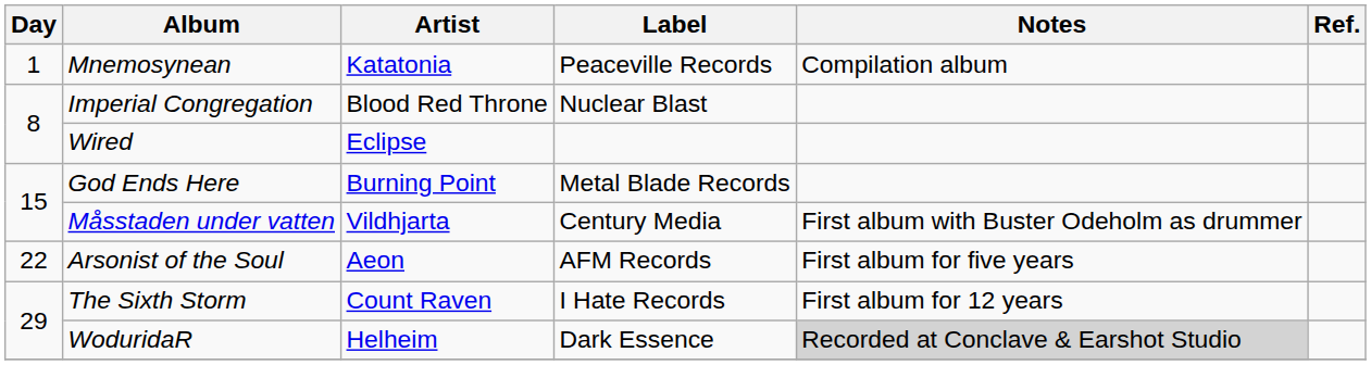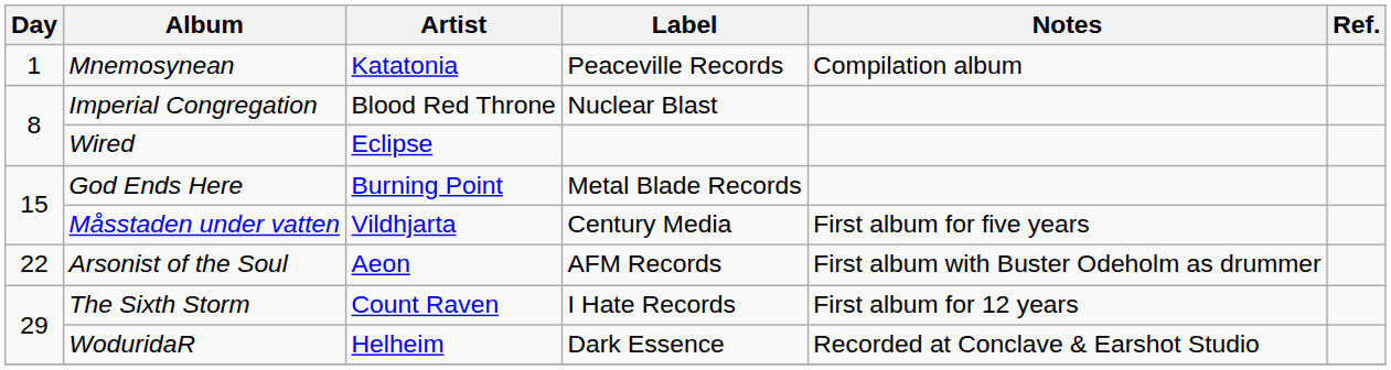 <table class="wikitable">
 <tr>
 <th>Day</th>
 <th>Album</th>
 <th>Artist</th>
 <th>Label</th>
 <th>Notes</th>
 <th>Ref.</th>
 </tr>
 <tr>
 <td rowspan="1" style="text-align:center;">1</td>
 <td><em>Mnemosynean</em></td>
 <td><a href='#'>Katatonia</a></td>
 <td>Peaceville Records</td>
 <td>Compilation album</td>
 <td></td>
 </tr>
 <tr>
 <td rowspan="2" style="text-align:center;">8</td>
 <td><em>Imperial Congregation</em></td>
 <td>Blood Red Throne</td>
 <td>Nuclear Blast</td>
 <td></td>
 <td></td>
 </tr>
 <tr>
 <td><em>Wired</em></td>
 <td><a href='#'>Eclipse</a></td>
 <td></td>
 <td></td>
 <td></td>
 </tr>
 <tr>
 <td rowspan="2" style="text-align:center;">15</td>
 <td><em>God Ends Here</em></td>
 <td><a href='#'>Burning Point</a></td>
 <td>Metal Blade Records</td>
 <td></td>
 <td></td>
 </tr>
 <tr>
 <td><em><a href='#'>Måsstaden under vatten</a></em></td>
 <td><a href='#'>Vildhjarta</a></td>
 <td>Century Media</td>
-<td>First album with Buster Odeholm as drummer</td>
+<td>First album for five years</td>
 <td></td>
 </tr>
 <tr>
 <td rowspan="1" style="text-align:center;">22</td>
 <td><em>Arsonist of the Soul</em></td>
 <td><a href='#'>Aeon</a></td>
 <td>AFM Records</td>
-<td>First album for five years</td>
+<td>First album with Buster Odeholm as drummer</td>
 <td></td>
 </tr>
 <tr>
 <td rowspan="2" style="text-align:center;">29</td>
 <td><em>The Sixth Storm</em></td>
 <td><a href='#'>Count Raven</a></td>
 <td>I Hate Records</td>
 <td>First album for 12 years</td>
 <td></td>
 </tr>
 <tr>
 <td><em>WoduridaR</em></td>
 <td><a href='#'>Helheim</a></td>
 <td>Dark Essence</td>
-<td style="background: lightgrey;">Recorded at Conclave & Earshot Studio</td>
+<td>Recorded at Conclave & Earshot Studio</td>
 <td></td>
 </tr>
 <tr>
 </tr>
 </table>
